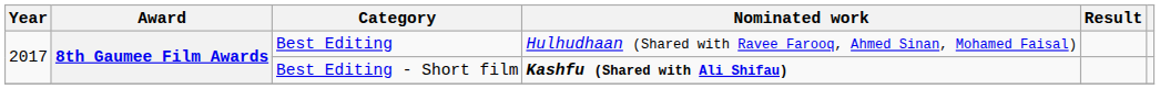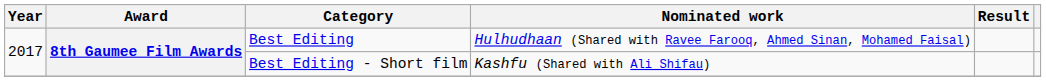 <table class="wikitable plainrowheaders sortable">
 <tr>
 <th scope="col">Year</th>
 <th scope="col">Award</th>
 <th scope="col">Category</th>
 <th scope="col">Nominated work</th>
 <th scope="col">Result</th>
 <th scope="col" class="unsortable"></th>
 </tr>
 <tr>
 <td rowspan="2">2017</td>
 <th scope="row" rowspan="2"><a href='#'>8th Gaumee Film Awards</a></th>
 <td><a href='#'>Best Editing</a></td>
 <td><em><a href='#'>Hulhudhaan</a></em> <small>(Shared with <a href='#'>Ravee Farooq</a>, <a href='#'>Ahmed Sinan</a>, <a href='#'>Mohamed Faisal</a>)</small></td>
 <td></td>
 <td style="text-align:center;"></td>
 </tr>
 <tr>
 <td><a href='#'>Best Editing</a> - Short film</td>
-<td><strong><em>Kashfu</em> <small>(Shared with <a href='#'>Ali Shifau</a>)</small></strong></td>
+<td><em>Kashfu</em> <small>(Shared with <a href='#'>Ali Shifau</a>)</small></td>
 <td></td>
 <td style="text-align:center;"></td>
 </tr>
 <tr>
 </tr>
 </table>
